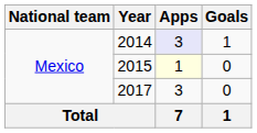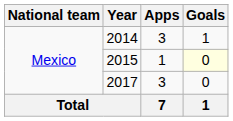 <table class="wikitable" style="text-align: center;">
 <tr>
 <th>National team</th>
 <th>Year</th>
 <th>Apps</th>
 <th>Goals</th>
 </tr>
 <tr>
 <td rowspan="3" valign="center"><a href='#'>Mexico</a></td>
 <td>2014</td>
-<td style="background: lavender;">3</td>
+<td>3</td>
 <td>1</td>
 </tr>
 <tr>
 <td>2015</td>
-<td style="background: lightyellow;">1</td>
-<td>0</td>
+<td>1</td>
+<td style="background: lightyellow;">0</td>
 </tr>
 <tr>
 <td>2017</td>
 <td>3</td>
 <td>0</td>
 </tr>
 <tr>
 <th colspan="2">Total</th>
 <th>7</th>
 <th>1</th>
 </tr>
 </table>
